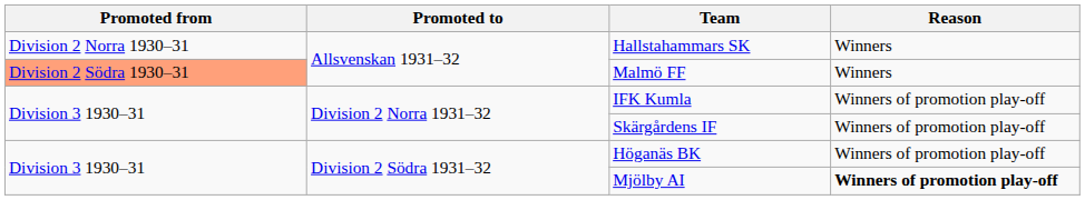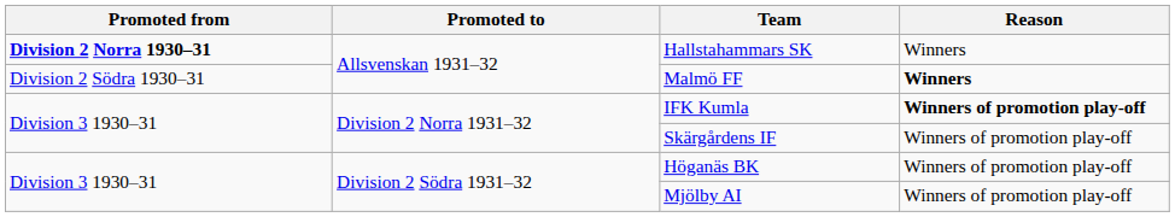 <table class="wikitable" style="text-align: left;">
 <tr>
 <th style="width: 275px;">Promoted from</th>
 <th style="width: 275px;">Promoted to</th>
 <th style="width: 200px;">Team</th>
 <th style="width: 225px;">Reason</th>
 </tr>
 <tr>
-<td><a href='#'>Division 2</a> <a href='#'>Norra</a> 1930–31</td>
+<td><strong><a href='#'>Division 2</a> <a href='#'>Norra</a> 1930–31</strong></td>
 <td rowspan=2><a href='#'>Allsvenskan</a> 1931–32</td>
 <td><a href='#'>Hallstahammars SK</a></td>
 <td>Winners</td>
 </tr>
 <tr>
-<td style="background: lightsalmon;"><a href='#'>Division 2</a> <a href='#'>Södra</a> 1930–31</td>
+<td><a href='#'>Division 2</a> <a href='#'>Södra</a> 1930–31</td>
 <td><a href='#'>Malmö FF</a></td>
-<td>Winners</td>
+<td><strong>Winners</strong></td>
 </tr>
 <tr>
 <td rowspan=2><a href='#'>Division 3</a> 1930–31</td>
 <td rowspan=2><a href='#'>Division 2</a> <a href='#'>Norra</a> 1931–32</td>
 <td><a href='#'>IFK Kumla</a></td>
-<td>Winners of promotion play-off</td>
+<td><strong>Winners of promotion play-off</strong></td>
 </tr>
 <tr>
 <td><a href='#'>Skärgårdens IF</a></td>
 <td>Winners of promotion play-off</td>
 </tr>
 <tr>
 <td rowspan=2><a href='#'>Division 3</a> 1930–31</td>
 <td rowspan=2><a href='#'>Division 2</a> <a href='#'>Södra</a> 1931–32</td>
 <td><a href='#'>Höganäs BK</a></td>
 <td>Winners of promotion play-off</td>
 </tr>
 <tr>
 <td><a href='#'>Mjölby AI</a></td>
-<td><strong>Winners of promotion play-off</strong></td>
+<td>Winners of promotion play-off</td>
 </tr>
 </table>
